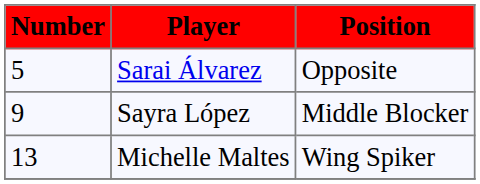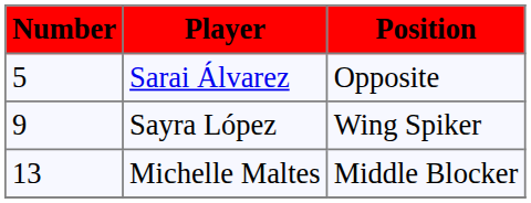 <table bgcolor="#f7f8ff" cellpadding="3" cellspacing="0" border="1" style="font-size: 95%; border: gray solid 1px; border-collapse: collapse;">
 <tr bgcolor="#ff0000">
 <td align=center><strong>Number</strong></td>
 <td align=center><strong>Player</strong></td>
 <td align=center><strong>Position</strong></td>
 </tr>
 <tr align="left">
 <td>5</td>
 <td> <a href='#'>Sarai Álvarez</a></td>
 <td>Opposite</td>
 </tr>
 <tr align="left">
 <td>9</td>
 <td> Sayra López</td>
-<td>Middle Blocker</td>
+<td>Wing Spiker</td>
 </tr>
 <tr align="left">
 <td>13</td>
 <td> Michelle Maltes</td>
-<td>Wing Spiker</td>
+<td>Middle Blocker</td>
 </tr>
 <tr align="left">
 </tr>
 </table>
